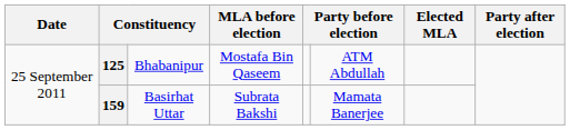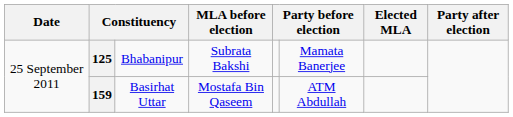 <table class="wikitable sortable" style="text-align:center;">
 <tr>
 <th>Date</th>
 <th colspan="2">Constituency</th>
 <th>MLA before election</th>
 <th colspan="2">Party before election</th>
 <th>Elected MLA</th>
 <th colspan="2">Party after election</th>
 </tr>
 <tr>
 <td rowspan="2">25 September 2011</td>
 <th>125</th>
 <td><a href='#'>Bhabanipur</a></td>
+<td><a href='#'>Subrata Bakshi</a></td>
+<td></td>
+<td><a href='#'>Mamata Banerjee</a></td>
+<td></td>
+</tr>
+<tr>
+<th>159</th>
+<td><a href='#'>Basirhat Uttar</a></td>
 <td><a href='#'>Mostafa Bin Qaseem</a></td>
 <td></td>
 <td><a href='#'>ATM Abdullah</a></td>
 <td></td>
 </tr>
-<tr>
-<th>159</th>
-<td><a href='#'>Basirhat Uttar</a></td>
-<td><a href='#'>Subrata Bakshi</a></td>
-<td></td>
-<td><a href='#'>Mamata Banerjee</a></td>
-<td></td>
-</tr>
 </table>
